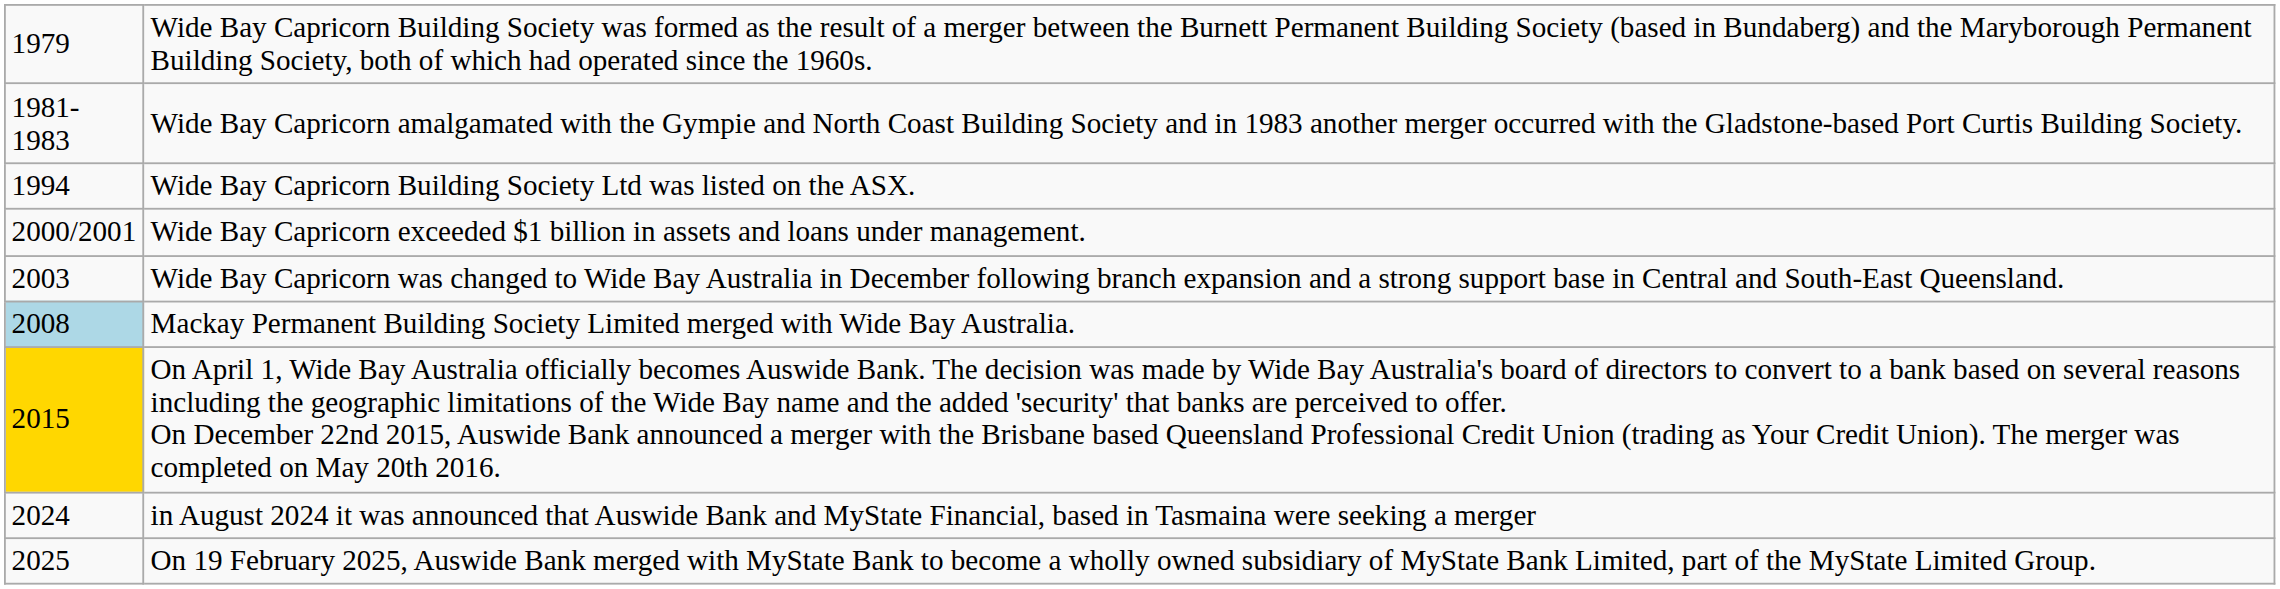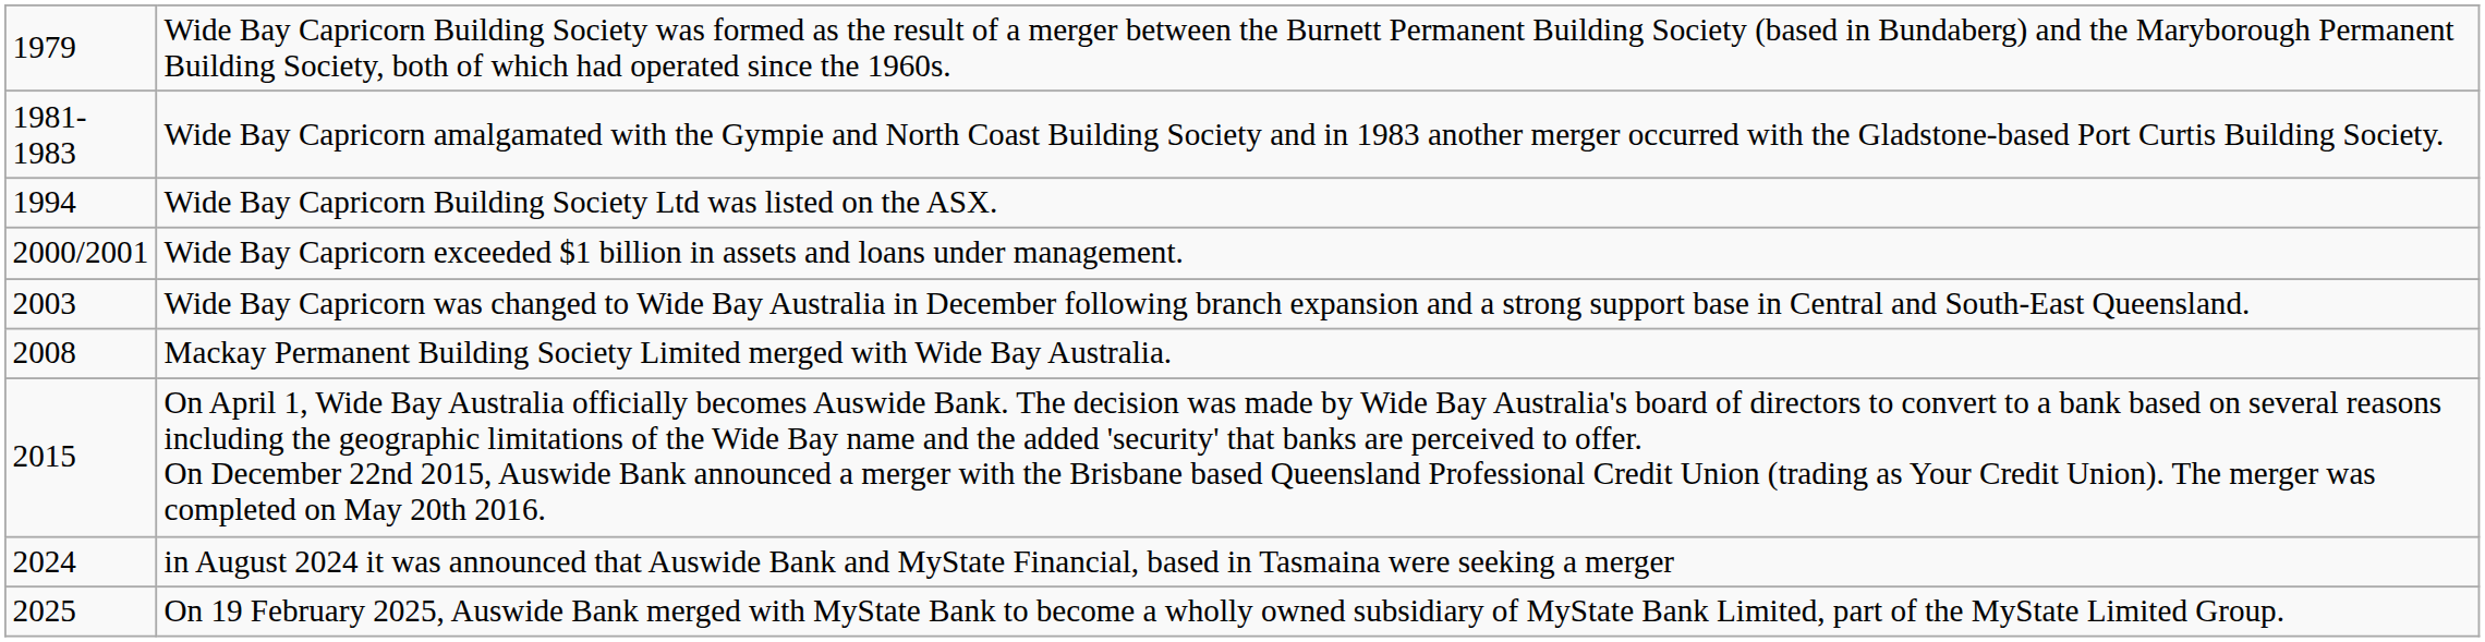 <table class="wikitable">
 <tr>
 <td>1979</td>
 <td>Wide Bay Capricorn Building Society was formed as the result of a merger between the Burnett Permanent Building Society (based in Bundaberg) and the Maryborough Permanent Building Society, both of which had operated since the 1960s.</td>
 </tr>
 <tr>
 <td>1981-1983</td>
 <td>Wide Bay Capricorn amalgamated with the Gympie and North Coast Building Society and in 1983 another merger occurred with the Gladstone-based Port Curtis Building Society.</td>
 </tr>
 <tr>
 <td>1994</td>
 <td>Wide Bay Capricorn Building Society Ltd was listed on the ASX.</td>
 </tr>
 <tr>
 <td>2000/2001</td>
 <td>Wide Bay Capricorn exceeded $1 billion in assets and loans under management.</td>
 </tr>
 <tr>
 <td>2003</td>
 <td>Wide Bay Capricorn was changed to Wide Bay Australia in December following branch expansion and a strong support base in Central and South-East Queensland.</td>
 </tr>
 <tr>
-<td style="background: lightblue;">2008</td>
+<td>2008</td>
 <td>Mackay Permanent Building Society Limited merged with Wide Bay Australia.</td>
 </tr>
 <tr>
-<td style="background: gold;">2015</td>
+<td>2015</td>
 <td>On April 1, Wide Bay Australia officially becomes Auswide Bank. The decision was made by Wide Bay Australia's board of directors to convert to a bank based on several reasons including the geographic limitations of the Wide Bay name and the added 'security' that banks are perceived to offer.<br>On December 22nd 2015, Auswide Bank announced a merger with the Brisbane based Queensland Professional Credit Union (trading as Your Credit Union). The merger was completed on May 20th 2016.</td>
 </tr>
 <tr>
 <td>2024</td>
 <td>in August 2024 it was announced that Auswide Bank and MyState Financial, based in Tasmaina were seeking a merger </td>
 </tr>
 <tr>
 <td>2025</td>
 <td>On 19 February 2025, Auswide Bank merged with MyState Bank to become a wholly owned subsidiary of MyState Bank Limited, part of the MyState Limited Group.</td>
 </tr>
 </table>
